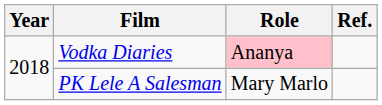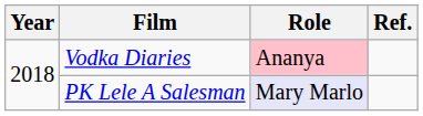 <table class="wikitable" style="24:95%;">
 <tr style="text-align:center;">
 <th>Year</th>
 <th>Film</th>
 <th>Role</th>
 <th>Ref.</th>
 </tr>
 <tr>
 <td rowspan="2">2018</td>
 <td><em><a href='#'>Vodka Diaries</a></em></td>
 <td style="background: pink;">Ananya</td>
 <td></td>
 </tr>
 <tr>
 <td><em><a href='#'>PK Lele A Salesman</a></em></td>
-<td>Mary Marlo</td>
+<td style="background: lavender;">Mary Marlo</td>
 <td></td>
 </tr>
 </table>
